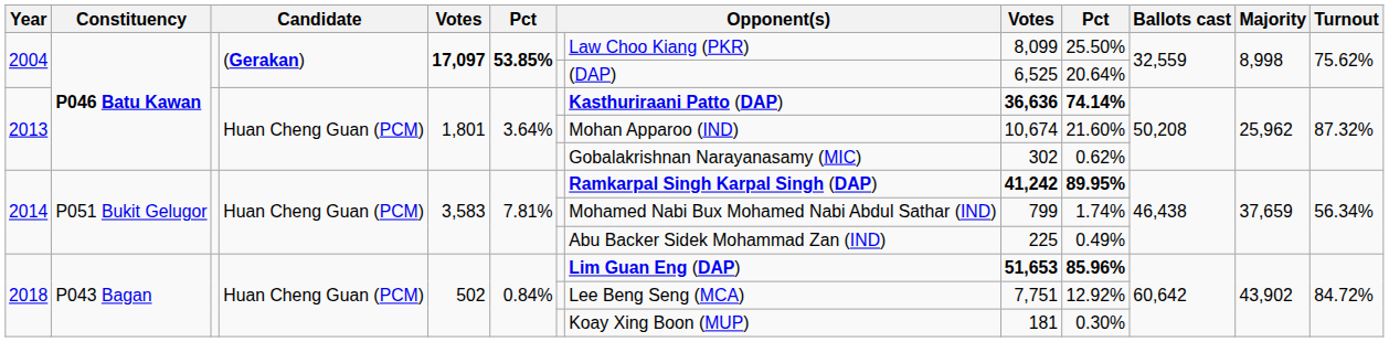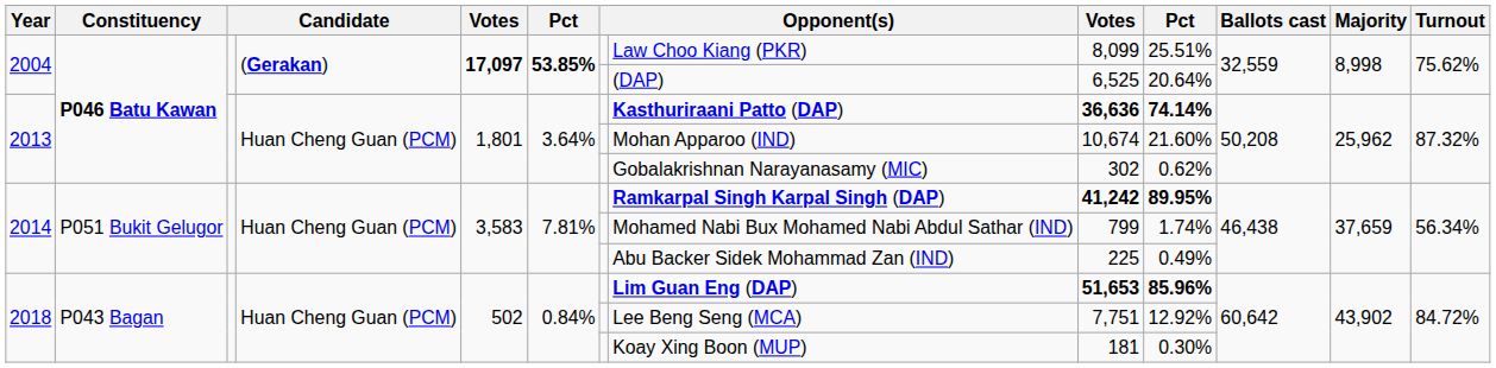 <table class="wikitable" style="margin:0.5em ; font-size:95%">
 <tr>
 <th>Year</th>
 <th>Constituency</th>
 <th colspan=2>Candidate</th>
 <th>Votes</th>
 <th>Pct</th>
 <th colspan=2>Opponent(s)</th>
 <th>Votes</th>
 <th>Pct</th>
 <th>Ballots cast</th>
 <th>Majority</th>
 <th>Turnout</th>
 </tr>
 <tr>
 <td rowspan=2><a href='#'>2004</a></td>
 <td rowspan=5><strong>P046 <a href='#'>Batu Kawan</a></strong></td>
 <td rowspan=2 ></td>
 <td rowspan=2><strong></strong> (<a href='#'><strong>Gerakan</strong></a>)</td>
 <td rowspan=2 align="right"><strong>17,097</strong></td>
 <td rowspan=2><strong>53.85%</strong></td>
 <td></td>
 <td><a href='#'>Law Choo Kiang</a> (<a href='#'>PKR</a>)</td>
 <td align="right">8,099</td>
-<td>25.50%</td>
+<td>25.51%</td>
 <td rowspan=2>32,559</td>
 <td rowspan=2>8,998</td>
 <td rowspan=2>75.62%</td>
 </tr>
 <tr>
 <td></td>
 <td> (<a href='#'>DAP</a>)</td>
 <td align="right">6,525</td>
 <td>20.64%</td>
 </tr>
 <tr>
 <td rowspan=3><a href='#'>2013</a></td>
 <td rowspan=3 bgcolor=></td>
 <td rowspan=3>Huan Cheng Guan (<a href='#'>PCM</a>)</td>
 <td rowspan=3 align=right>1,801</td>
 <td rowspan=3 align=right>3.64%</td>
 <td></td>
 <td><strong><a href='#'>Kasthuriraani Patto</a></strong> (<a href='#'><strong>DAP</strong></a>)</td>
 <td align=right><strong>36,636</strong></td>
 <td><strong>74.14%</strong></td>
 <td rowspan=3>50,208</td>
 <td rowspan=3>25,962</td>
 <td rowspan=3>87.32%</td>
 </tr>
 <tr>
 <td></td>
 <td>Mohan Apparoo (<a href='#'>IND</a>)</td>
 <td align=right>10,674</td>
 <td>21.60%</td>
 </tr>
 <tr>
 <td></td>
 <td>Gobalakrishnan Narayanasamy (<a href='#'>MIC</a>)</td>
 <td align=right>302</td>
 <td align=right>0.62%</td>
 </tr>
 <tr>
 <td rowspan=3><a href='#'>2014</a></td>
 <td rowspan=3>P051 <a href='#'>Bukit Gelugor</a></td>
 <td rowspan=3 bgcolor=></td>
 <td rowspan=3>Huan Cheng Guan (<a href='#'>PCM</a>)</td>
 <td rowspan=3 align=right>3,583</td>
 <td rowspan=3 align=right>7.81%</td>
 <td></td>
 <td><strong><a href='#'>Ramkarpal Singh Karpal Singh</a></strong> (<a href='#'><strong>DAP</strong></a>)</td>
 <td align=right><strong>41,242</strong></td>
 <td><strong>89.95%</strong></td>
 <td rowspan=3>46,438</td>
 <td rowspan=3>37,659</td>
 <td rowspan=3>56.34%</td>
 </tr>
 <tr>
 <td></td>
 <td>Mohamed Nabi Bux Mohamed Nabi Abdul Sathar (<a href='#'>IND</a>)</td>
 <td align=right>799</td>
 <td align=right>1.74%</td>
 </tr>
 <tr>
 <td></td>
 <td>Abu Backer Sidek Mohammad Zan (<a href='#'>IND</a>)</td>
 <td align=right>225</td>
 <td align=right>0.49%</td>
 </tr>
 <tr>
 <td rowspan=3><a href='#'>2018</a></td>
 <td rowspan=3>P043 <a href='#'>Bagan</a></td>
 <td rowspan=3 bgcolor=></td>
 <td rowspan=3>Huan Cheng Guan (<a href='#'>PCM</a>)</td>
 <td rowspan=3 align=right>502</td>
 <td rowspan=3 align=right>0.84%</td>
 <td></td>
 <td><strong><a href='#'>Lim Guan Eng</a></strong> (<a href='#'><strong>DAP</strong></a>)</td>
 <td align=right><strong>51,653</strong></td>
 <td><strong>85.96%</strong></td>
 <td rowspan=3>60,642</td>
 <td rowspan=3>43,902</td>
 <td rowspan=3>84.72%</td>
 </tr>
 <tr>
 <td></td>
 <td>Lee Beng Seng (<a href='#'>MCA</a>)</td>
 <td align=right>7,751</td>
 <td>12.92%</td>
 </tr>
 <tr>
 <td bgcolor=></td>
 <td>Koay Xing Boon (<a href='#'>MUP</a>)</td>
 <td align=right>181</td>
 <td align=right>0.30%</td>
 </tr>
 </table>
